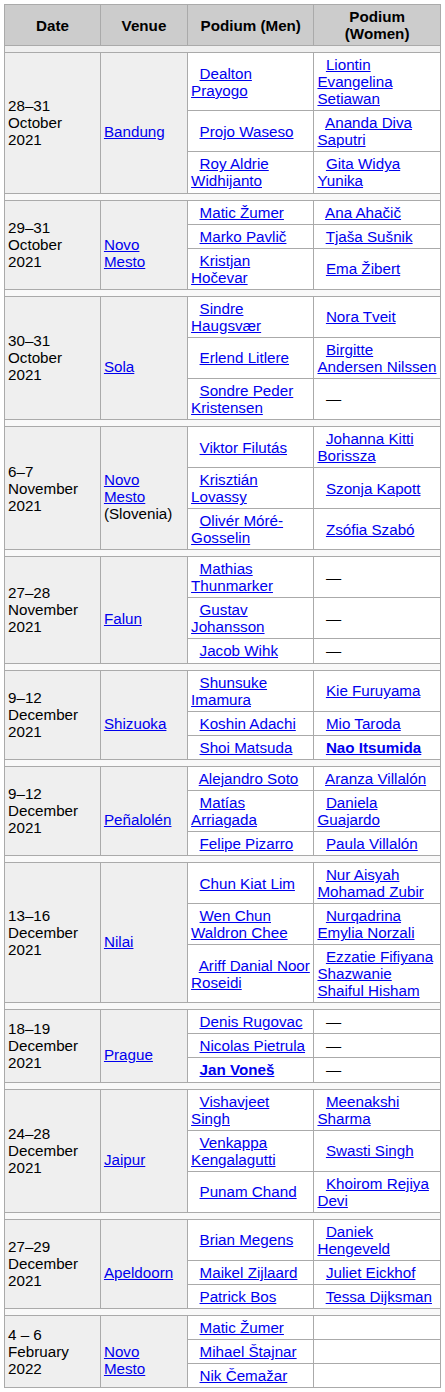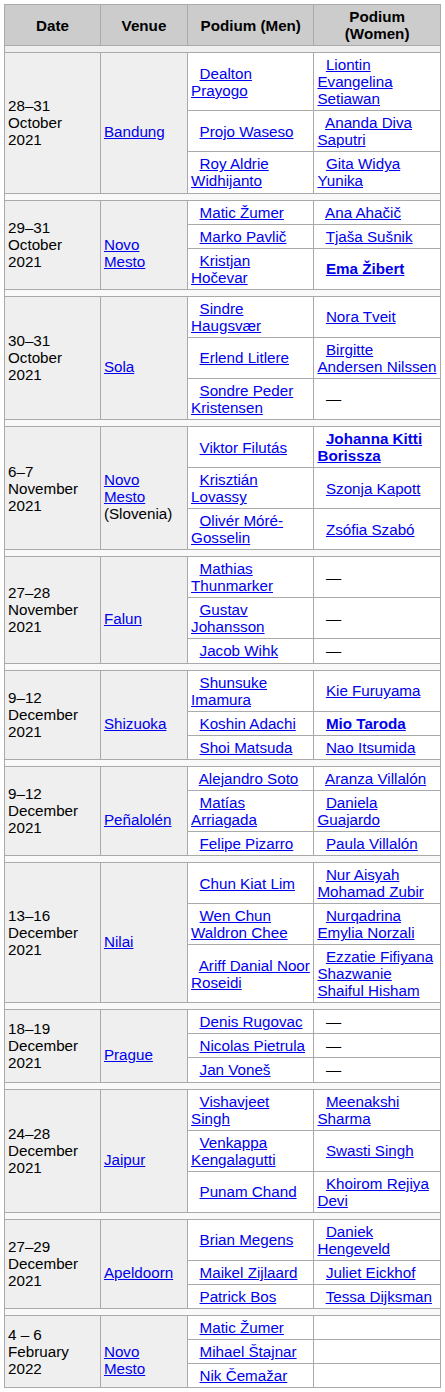 <table class="wikitable" width=70% bgcolor="#f7f8ff" cellpadding="3" cellspacing="0" border="1" style="font-size: 95%; border: gray solid 1px; border-collapse: collapse;">
 <tr bgcolor="#CCCCCC">
 <td align="center"><strong>Date</strong></td>
 <td width=20% align="center"><strong>Venue</strong></td>
 <td width=29% align="center"><strong>Podium (Men)</strong></td>
 <td width=29% align="center"><strong>Podium (Women)</strong></td>
 </tr>
 <tr bgcolor="#EFEFEF">
 </tr>
 <tr>
 </tr>
 <tr bgcolor="#EFEFEF">
 <td colspan=4></td>
 </tr>
 <tr bgcolor="#EFEFEF">
 <td rowspan=3>28–31 October 2021</td>
 <td rowspan=3><br><a href='#'>Bandung</a></td>
 <td bgcolor="#ffffff">   <a href='#'>Dealton Prayogo</a></td>
 <td bgcolor="#ffffff">   <a href='#'>Liontin Evangelina Setiawan</a></td>
 </tr>
 <tr>
 <td bgcolor="#ffffff">   <a href='#'>Projo Waseso</a></td>
 <td bgcolor="#ffffff">   <a href='#'>Ananda Diva Saputri</a></td>
 </tr>
 <tr>
 <td bgcolor="#ffffff">   <a href='#'>Roy Aldrie Widhijanto</a></td>
 <td bgcolor="#ffffff">   <a href='#'>Gita Widya Yunika</a></td>
 </tr>
 <tr>
 <td colspan=4></td>
 </tr>
 <tr bgcolor="#EFEFEF">
 <td rowspan=3>29–31 October 2021</td>
 <td rowspan=3><br><a href='#'>Novo Mesto</a></td>
 <td bgcolor="#ffffff">   <a href='#'>Matic Žumer</a></td>
 <td bgcolor="#ffffff">   <a href='#'>Ana Ahačič</a></td>
 </tr>
 <tr>
 <td bgcolor="#ffffff">   <a href='#'>Marko Pavlič</a></td>
 <td bgcolor="#ffffff">   <a href='#'>Tjaša Sušnik</a></td>
 </tr>
 <tr>
 <td bgcolor="#ffffff">   <a href='#'>Kristjan Hočevar</a></td>
-<td bgcolor="#ffffff">   <a href='#'>Ema Žibert</a></td>
+<td bgcolor="#ffffff"><strong>   <a href='#'>Ema Žibert</a></strong></td>
 </tr>
 <tr>
 <td colspan=4></td>
 </tr>
 <tr bgcolor="#EFEFEF">
 <td rowspan=3>30–31 October 2021</td>
 <td rowspan=3><br><a href='#'>Sola</a></td>
 <td bgcolor="#ffffff">   <a href='#'>Sindre Haugsvær</a></td>
 <td bgcolor="#ffffff">   <a href='#'>Nora Tveit</a></td>
 </tr>
 <tr>
 <td bgcolor="#ffffff">   <a href='#'>Erlend Litlere</a></td>
 <td bgcolor="#ffffff">   <a href='#'>Birgitte Andersen Nilssen</a></td>
 </tr>
 <tr>
 <td bgcolor="#ffffff">   <a href='#'>Sondre Peder Kristensen</a></td>
 <td bgcolor="#ffffff">   —</td>
 </tr>
 <tr>
 <td colspan=4></td>
 </tr>
 <tr bgcolor="#EFEFEF">
 <td rowspan=3>6–7 November 2021</td>
 <td rowspan=3><br><a href='#'>Novo Mesto</a> (Slovenia)</td>
 <td bgcolor="#ffffff">   <a href='#'>Viktor Filutás</a></td>
-<td bgcolor="#ffffff">   <a href='#'>Johanna Kitti Borissza</a></td>
+<td bgcolor="#ffffff"><strong>   <a href='#'>Johanna Kitti Borissza</a></strong></td>
 </tr>
 <tr>
 <td bgcolor="#ffffff">   <a href='#'>Krisztián Lovassy</a></td>
 <td bgcolor="#ffffff">   <a href='#'>Szonja Kapott</a></td>
 </tr>
 <tr>
 <td bgcolor="#ffffff">   <a href='#'>Olivér Móré-Gosselin</a></td>
 <td bgcolor="#ffffff">   <a href='#'>Zsófia Szabó</a></td>
 </tr>
 <tr>
 <td colspan=4></td>
 </tr>
 <tr bgcolor="#EFEFEF">
 <td rowspan=3>27–28 November 2021</td>
 <td rowspan=3><br><a href='#'>Falun</a></td>
 <td bgcolor="#ffffff">   <a href='#'>Mathias Thunmarker</a></td>
 <td bgcolor="#ffffff">   —</td>
 </tr>
 <tr>
 <td bgcolor="#ffffff">   <a href='#'>Gustav Johansson</a></td>
 <td bgcolor="#ffffff">   —</td>
 </tr>
 <tr>
 <td bgcolor="#ffffff">   <a href='#'>Jacob Wihk</a></td>
 <td bgcolor="#ffffff">   —</td>
 </tr>
 <tr>
 <td colspan=4></td>
 </tr>
 <tr bgcolor="#EFEFEF">
 <td rowspan=3>9–12 December 2021</td>
 <td rowspan=3><br><a href='#'>Shizuoka</a></td>
 <td bgcolor="#ffffff">   <a href='#'>Shunsuke Imamura</a></td>
 <td bgcolor="#ffffff">   <a href='#'>Kie Furuyama</a></td>
 </tr>
 <tr>
 <td bgcolor="#ffffff">   <a href='#'>Koshin Adachi</a></td>
-<td bgcolor="#ffffff">   <a href='#'>Mio Taroda</a></td>
+<td bgcolor="#ffffff"><strong>   <a href='#'>Mio Taroda</a></strong></td>
 </tr>
 <tr>
 <td bgcolor="#ffffff">   <a href='#'>Shoi Matsuda</a></td>
-<td bgcolor="#ffffff"><strong>   <a href='#'>Nao Itsumida</a></strong></td>
+<td bgcolor="#ffffff">   <a href='#'>Nao Itsumida</a></td>
 </tr>
 <tr>
 <td colspan=4></td>
 </tr>
 <tr bgcolor="#EFEFEF">
 <td rowspan=3>9–12 December 2021</td>
 <td rowspan=3><br><a href='#'>Peñalolén</a></td>
 <td bgcolor="#ffffff">   <a href='#'>Alejandro Soto</a></td>
 <td bgcolor="#ffffff">   <a href='#'>Aranza Villalón</a></td>
 </tr>
 <tr>
 <td bgcolor="#ffffff">   <a href='#'>Matías Arriagada</a></td>
 <td bgcolor="#ffffff">   <a href='#'>Daniela Guajardo</a></td>
 </tr>
 <tr>
 <td bgcolor="#ffffff">   <a href='#'>Felipe Pizarro</a></td>
 <td bgcolor="#ffffff">   <a href='#'>Paula Villalón</a></td>
 </tr>
 <tr>
 <td colspan=4></td>
 </tr>
 <tr bgcolor="#EFEFEF">
 <td rowspan=3>13–16 December 2021</td>
 <td rowspan=3><br><a href='#'>Nilai</a></td>
 <td bgcolor="#ffffff">   <a href='#'>Chun Kiat Lim</a></td>
 <td bgcolor="#ffffff">   <a href='#'>Nur Aisyah Mohamad Zubir</a></td>
 </tr>
 <tr>
 <td bgcolor="#ffffff">   <a href='#'>Wen Chun Waldron Chee</a></td>
 <td bgcolor="#ffffff">   <a href='#'>Nurqadrina Emylia Norzali</a></td>
 </tr>
 <tr>
 <td bgcolor="#ffffff">   <a href='#'>Ariff Danial Noor Roseidi</a></td>
 <td bgcolor="#ffffff">   <a href='#'>Ezzatie Fifiyana Shazwanie Shaiful Hisham</a></td>
 </tr>
 <tr>
 <td colspan=4></td>
 </tr>
 <tr bgcolor="#EFEFEF">
 <td rowspan=3>18–19 December 2021</td>
 <td rowspan=3><br><a href='#'>Prague</a></td>
 <td bgcolor="#ffffff">   <a href='#'>Denis Rugovac</a></td>
 <td bgcolor="#ffffff">   —</td>
 </tr>
 <tr>
 <td bgcolor="#ffffff">   <a href='#'>Nicolas Pietrula</a></td>
 <td bgcolor="#ffffff">   —</td>
 </tr>
 <tr>
-<td bgcolor="#ffffff"><strong>   <a href='#'>Jan Voneš</a></strong></td>
+<td bgcolor="#ffffff">   <a href='#'>Jan Voneš</a></td>
 <td bgcolor="#ffffff">   —</td>
 </tr>
 <tr>
 <td colspan=4></td>
 </tr>
 <tr bgcolor="#EFEFEF">
 <td rowspan=3>24–28 December 2021</td>
 <td rowspan=3><br><a href='#'>Jaipur</a></td>
 <td bgcolor="#ffffff">   <a href='#'>Vishavjeet Singh</a></td>
 <td bgcolor="#ffffff">   <a href='#'>Meenakshi Sharma</a></td>
 </tr>
 <tr>
 <td bgcolor="#ffffff">   <a href='#'>Venkappa Kengalagutti</a></td>
 <td bgcolor="#ffffff">   <a href='#'>Swasti Singh</a></td>
 </tr>
 <tr>
 <td bgcolor="#ffffff">   <a href='#'>Punam Chand</a></td>
 <td bgcolor="#ffffff">   <a href='#'>Khoirom Rejiya Devi</a></td>
 </tr>
 <tr>
 <td colspan=4></td>
 </tr>
 <tr bgcolor="#EFEFEF">
 <td rowspan=3>27–29 December 2021</td>
 <td rowspan=3><br><a href='#'>Apeldoorn</a></td>
 <td bgcolor="#ffffff">   <a href='#'>Brian Megens</a></td>
 <td bgcolor="#ffffff">   <a href='#'>Daniek Hengeveld</a></td>
 </tr>
 <tr>
 <td bgcolor="#ffffff">   <a href='#'>Maikel Zijlaard</a></td>
 <td bgcolor="#ffffff">   <a href='#'>Juliet Eickhof</a></td>
 </tr>
 <tr>
 <td bgcolor="#ffffff">   <a href='#'>Patrick Bos</a></td>
 <td bgcolor="#ffffff">   <a href='#'>Tessa Dijksman</a></td>
 </tr>
 <tr>
 <td colspan=4></td>
 </tr>
 <tr bgcolor="#EFEFEF">
 <td rowspan=3>4 – 6 February 2022</td>
 <td rowspan=3><br><a href='#'>Novo Mesto</a></td>
 <td bgcolor="#ffffff">   <a href='#'>Matic Žumer</a></td>
 <td bgcolor="#ffffff">   <a href='#'></a></td>
 </tr>
 <tr>
 <td bgcolor="#ffffff">   <a href='#'>Mihael Štajnar</a></td>
 <td bgcolor="#ffffff">   <a href='#'></a></td>
 </tr>
 <tr>
 <td bgcolor="#ffffff">   <a href='#'>Nik Čemažar</a></td>
 <td bgcolor="#ffffff">   <a href='#'></a></td>
 </tr>
 </table>
